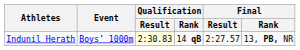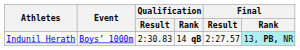 <table class="wikitable" border="1" style="font-size:90%">
 <tr>
 <th rowspan=2>Athletes</th>
 <th rowspan=2>Event</th>
 <th colspan=2>Qualification</th>
 <th colspan=2>Final</th>
 </tr>
 <tr>
 <th>Result</th>
 <th>Rank</th>
 <th>Result</th>
 <th>Rank</th>
 </tr>
 <tr>
 <td><a href='#'>Indunil Herath</a></td>
 <td><a href='#'>Boys’ 1000m</a></td>
-<td align=center style="background: lightyellow;">2:30.83</td>
+<td align=center>2:30.83</td>
 <td align=center>14 <strong>qB</strong></td>
 <td align=center>2:27.57</td>
-<td align=center>13, <strong>PB, </strong>NR</td>
+<td align=center style="background: paleturquoise;">13, <strong>PB, </strong>NR</td>
 </tr>
 </table>
